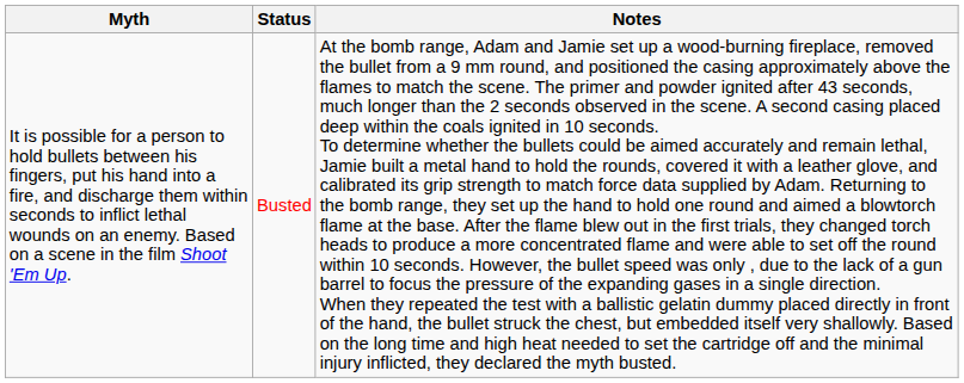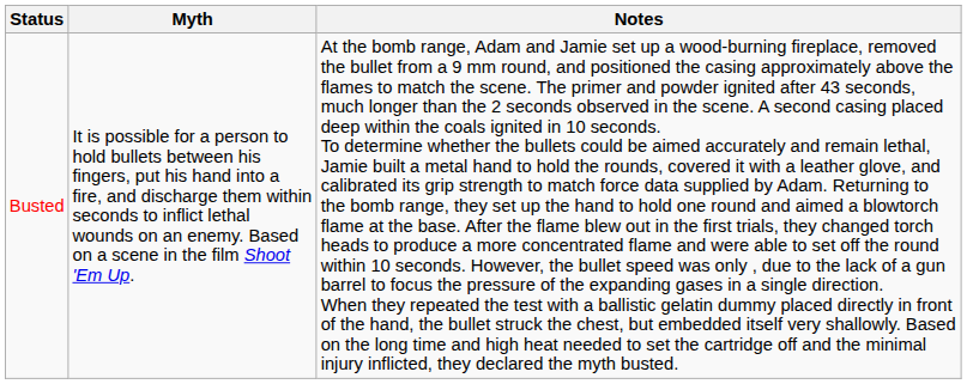 <table class="wikitable plainrowheaders">
 <tr>
+<th scope"col">Status</th>
 <th scope"col">Myth</th>
-<th scope"col">Status</th>
 <th scope"col">Notes</th>
 </tr>
 <tr>
+<td style="color:red">Busted</td>
 <td scope"row">It is possible for a person to hold bullets between his fingers, put his hand into a fire, and discharge them within seconds to inflict lethal wounds on an enemy. Based on a scene in the film <em><a href='#'>Shoot 'Em Up</a></em>.</td>
-<td style="color:red">Busted</td>
 <td>At the bomb range, Adam and Jamie set up a wood-burning fireplace, removed the bullet from a 9 mm round, and positioned the casing approximately  above the flames to match the scene. The primer and powder ignited after 43 seconds, much longer than the 2 seconds observed in the scene. A second casing placed deep within the coals ignited in 10 seconds.<br>To determine whether the bullets could be aimed accurately and remain lethal, Jamie built a metal hand to hold the rounds, covered it with a leather glove, and calibrated its grip strength to match force data supplied by Adam. Returning to the bomb range, they set up the hand to hold one round and aimed a blowtorch flame at the base. After the flame blew out in the first trials, they changed torch heads to produce a more concentrated flame and were able to set off the round within 10 seconds. However, the bullet speed was only , due to the lack of a gun barrel to focus the pressure of the expanding gases in a single direction.<br>When they repeated the test with a ballistic gelatin dummy placed directly in front of the hand, the bullet struck the chest, but embedded itself very shallowly. Based on the long time and high heat needed to set the cartridge off and the minimal injury inflicted, they declared the myth busted.</td>
 </tr>
 </table>
